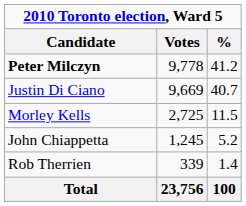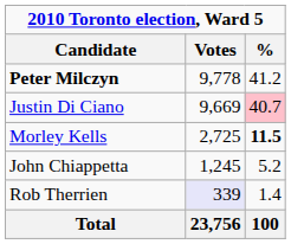 <table class="wikitable">
 <tr>
 <td Colspan="3" align="center"><strong><a href='#'>2010 Toronto election</a>, Ward 5</strong></td>
 </tr>
 <tr>
 <th bgcolor="#DDDDFF" width="150px">Candidate</th>
 <th bgcolor="#DDDDFF">Votes</th>
 <th bgcolor="#DDDDFF">%</th>
 </tr>
 <tr>
 <td><strong>Peter Milczyn</strong></td>
 <td align=right>9,778</td>
 <td align=right>41.2</td>
 </tr>
 <tr>
 <td><a href='#'>Justin Di Ciano</a></td>
 <td align=right>9,669</td>
-<td align=right>40.7</td>
+<td align=right style="background: pink;">40.7</td>
 </tr>
 <tr>
 <td><a href='#'>Morley Kells</a></td>
 <td align=right>2,725</td>
-<td align=right>11.5</td>
+<td align=right><strong>11.5</strong></td>
 </tr>
 <tr>
 <td>John Chiappetta</td>
 <td align=right>1,245</td>
 <td align=right>5.2</td>
 </tr>
 <tr>
 <td>Rob Therrien</td>
-<td align=right>339</td>
+<td align=right style="background: lavender;">339</td>
 <td align=right>1.4</td>
 </tr>
 <tr>
 <th>Total</th>
 <th align=right>23,756</th>
 <th align=right>100</th>
 </tr>
 </table>
